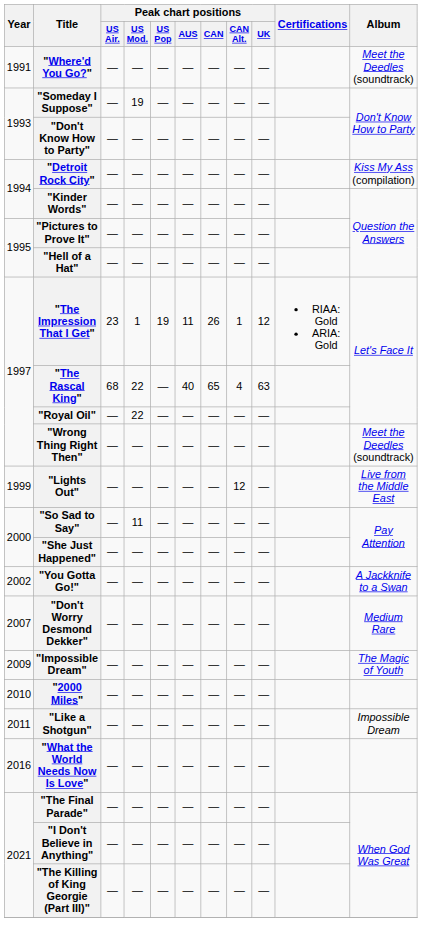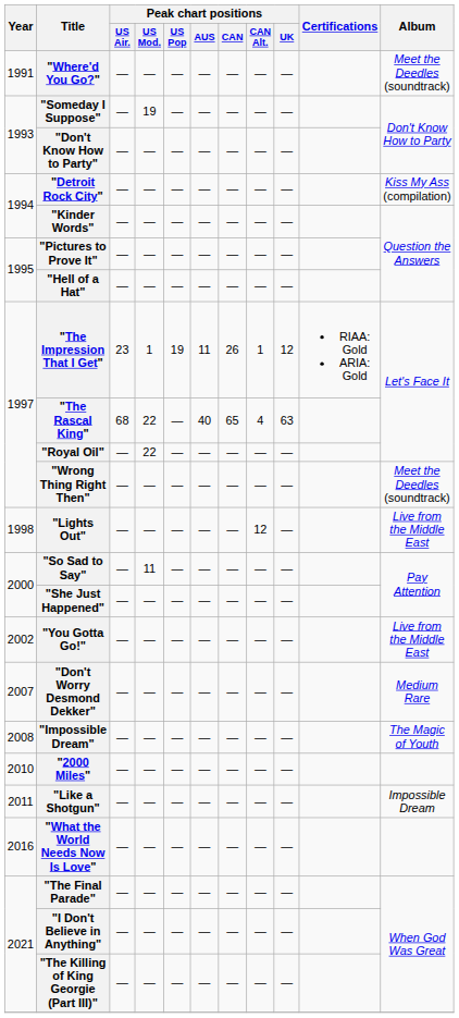 <table class="wikitable plainrowheaders" style="text-align:center;">
 <tr>
 <th rowspan="2">Year</th>
 <th rowspan="2">Title</th>
 <th colspan="7">Peak chart positions</th>
 <th scope="col" rowspan="2"><a href='#'>Certifications</a></th>
 <th rowspan="2">Album</th>
 </tr>
 <tr style="font-size:smaller;">
 <th style="width:2.5em;font—size:75%"><a href='#'>US<br>Air.</a><br></th>
 <th style="width:2.5em;font—size:75%"><a href='#'>US<br>Mod.</a><br></th>
 <th style="width:2.5em;font—size:75%"><a href='#'>US<br>Pop</a><br></th>
 <th style="width:2.5em;font—size:75%"><a href='#'>AUS</a><br></th>
 <th style="width:2.5em;font—size:75%"><a href='#'>CAN</a><br></th>
 <th style="width:2.5em;font—size:75%"><a href='#'>CAN<br>Alt.</a><br></th>
 <th style="width:2.5em;font—size:75%"><a href='#'>UK</a><br></th>
 </tr>
 <tr>
 <td>1991</td>
 <th scope="row">"<a href='#'>Where'd You Go?</a>"</th>
 <td>—</td>
 <td>—</td>
 <td>—</td>
 <td>—</td>
 <td>—</td>
 <td>—</td>
 <td>—</td>
 <td></td>
 <td><em><a href='#'>Meet the Deedles</a></em> (soundtrack)</td>
 </tr>
 <tr>
 <td rowspan="2">1993</td>
 <th scope="row">"Someday I Suppose"</th>
 <td>—</td>
 <td>19</td>
 <td>—</td>
 <td>—</td>
 <td>—</td>
 <td>—</td>
 <td>—</td>
 <td></td>
 <td rowspan="2"><em><a href='#'>Don't Know How to Party</a></em></td>
 </tr>
 <tr>
 <th scope="row">"Don't Know How to Party"</th>
 <td>—</td>
 <td>—</td>
 <td>—</td>
 <td>—</td>
 <td>—</td>
 <td>—</td>
 <td>—</td>
 <td></td>
 </tr>
 <tr>
 <td rowspan="2">1994</td>
 <th scope="row">"<a href='#'>Detroit Rock City</a>"</th>
 <td>—</td>
 <td>—</td>
 <td>—</td>
 <td>—</td>
 <td>—</td>
 <td>—</td>
 <td>—</td>
 <td></td>
 <td><em><a href='#'>Kiss My Ass</a></em> (compilation)</td>
 </tr>
 <tr>
 <th scope="row">"Kinder Words"</th>
 <td>—</td>
 <td>—</td>
 <td>—</td>
 <td>—</td>
 <td>—</td>
 <td>—</td>
 <td>—</td>
 <td></td>
 <td rowspan="3"><em><a href='#'>Question the Answers</a></em></td>
 </tr>
 <tr>
 <td rowspan="2">1995</td>
 <th scope="row">"Pictures to Prove It"</th>
 <td>—</td>
 <td>—</td>
 <td>—</td>
 <td>—</td>
 <td>—</td>
 <td>—</td>
 <td>—</td>
 <td></td>
 </tr>
 <tr>
 <th scope="row">"Hell of a Hat"</th>
 <td>—</td>
 <td>—</td>
 <td>—</td>
 <td>—</td>
 <td>—</td>
 <td>—</td>
 <td>—</td>
 <td></td>
 </tr>
 <tr>
 <td rowspan="4">1997</td>
 <th scope="row">"<a href='#'>The Impression That I Get</a>"</th>
 <td>23</td>
 <td>1</td>
 <td>19</td>
 <td>11</td>
 <td>26</td>
 <td>1</td>
 <td>12</td>
 <td><br><ul><li>RIAA: Gold</li><li>ARIA: Gold</li></ul></td>
 <td rowspan="3"><em><a href='#'>Let's Face It</a></em></td>
 </tr>
 <tr>
 <th scope="row">"<a href='#'>The Rascal King</a>"</th>
 <td>68</td>
 <td>22</td>
 <td>—</td>
 <td>40</td>
 <td>65</td>
 <td>4</td>
 <td>63</td>
 <td></td>
 </tr>
 <tr>
 <th scope="row">"Royal Oil"</th>
 <td>—</td>
 <td>22</td>
 <td>—</td>
 <td>—</td>
 <td>—</td>
 <td>—</td>
 <td>—</td>
 <td></td>
 </tr>
 <tr>
 <th scope="row">"Wrong Thing Right Then"</th>
 <td>—</td>
 <td>—</td>
 <td>—</td>
 <td>—</td>
 <td>—</td>
 <td>—</td>
 <td>—</td>
 <td></td>
 <td><em><a href='#'>Meet the Deedles</a></em> (soundtrack)</td>
 </tr>
 <tr>
-<td>1999</td>
+<td>1998</td>
 <th scope="row">"Lights Out"</th>
 <td>—</td>
 <td>—</td>
 <td>—</td>
 <td>—</td>
 <td>—</td>
 <td>12</td>
 <td>—</td>
 <td></td>
 <td><em><a href='#'>Live from the Middle East</a></em></td>
 </tr>
 <tr>
 <td rowspan="2">2000</td>
 <th scope="row">"So Sad to Say"</th>
 <td>—</td>
 <td>11</td>
 <td>—</td>
 <td>—</td>
 <td>—</td>
 <td>—</td>
 <td>—</td>
 <td></td>
 <td rowspan="2"><em><a href='#'>Pay Attention</a></em></td>
 </tr>
 <tr>
 <th scope="row">"She Just Happened"</th>
 <td>—</td>
 <td>—</td>
 <td>—</td>
 <td>—</td>
 <td>—</td>
 <td>—</td>
 <td>—</td>
 <td></td>
 </tr>
 <tr>
 <td>2002</td>
 <th scope="row">"You Gotta Go!"</th>
 <td>—</td>
 <td>—</td>
 <td>—</td>
 <td>—</td>
 <td>—</td>
 <td>—</td>
 <td>—</td>
 <td></td>
-<td><em><a href='#'>A Jackknife to a Swan</a></em></td>
+<td><em><a href='#'>Live from the Middle East</a></em></td>
 </tr>
 <tr>
 <td>2007</td>
 <th scope="row">"Don't Worry Desmond Dekker"</th>
 <td>—</td>
 <td>—</td>
 <td>—</td>
 <td>—</td>
 <td>—</td>
 <td>—</td>
 <td>—</td>
 <td></td>
 <td><em><a href='#'>Medium Rare</a></em></td>
 </tr>
 <tr>
-<td>2009</td>
+<td>2008</td>
 <th scope="row">"Impossible Dream"</th>
 <td>—</td>
 <td>—</td>
 <td>—</td>
 <td>—</td>
 <td>—</td>
 <td>—</td>
 <td>—</td>
 <td></td>
 <td><em><a href='#'>The Magic of Youth</a></em></td>
 </tr>
 <tr>
 <td>2010</td>
 <th scope="row">"<a href='#'>2000 Miles</a>"</th>
 <td>—</td>
 <td>—</td>
 <td>—</td>
 <td>—</td>
 <td>—</td>
 <td>—</td>
 <td>—</td>
 <td></td>
 <td></td>
 </tr>
 <tr>
 <td>2011</td>
 <th scope="row">"Like a Shotgun"</th>
 <td>—</td>
 <td>—</td>
 <td>—</td>
 <td>—</td>
 <td>—</td>
 <td>—</td>
 <td>—</td>
 <td></td>
 <td><em>Impossible Dream</em></td>
 </tr>
 <tr>
 <td>2016</td>
 <th scope="row">"<a href='#'>What the World Needs Now Is Love</a>"</th>
 <td>—</td>
 <td>—</td>
 <td>—</td>
 <td>—</td>
 <td>—</td>
 <td>—</td>
 <td>—</td>
 <td></td>
 <td></td>
 </tr>
 <tr>
 <td rowspan="3">2021</td>
 <th scope="row">"The Final Parade"</th>
 <td>—</td>
 <td>—</td>
 <td>—</td>
 <td>—</td>
 <td>—</td>
 <td>—</td>
 <td>—</td>
 <td></td>
 <td rowspan="3"><em><a href='#'>When God Was Great</a></em></td>
 </tr>
 <tr>
 <th scope="row">"I Don't Believe in Anything"</th>
 <td>—</td>
 <td>—</td>
 <td>—</td>
 <td>—</td>
 <td>—</td>
 <td>—</td>
 <td>—</td>
 <td></td>
 </tr>
 <tr>
 <th scope="row">"The Killing of King Georgie (Part III)"</th>
 <td>—</td>
 <td>—</td>
 <td>—</td>
 <td>—</td>
 <td>—</td>
 <td>—</td>
 <td>—</td>
 <td></td>
 </tr>
 <tr>
 </tr>
 </table>
